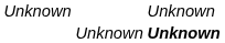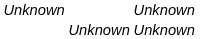 <table>
 <tr>
 <td></td>
 <td><em>Unknown</em></td>
 <td></td>
 <td><em>Unknown</em></td>
 </tr>
 <tr>
 <td></td>
 <td></td>
 <td><em>Unknown</em></td>
-<td><strong><em>Unknown</em></strong></td>
+<td><em>Unknown</em></td>
 </tr>
 </table>
